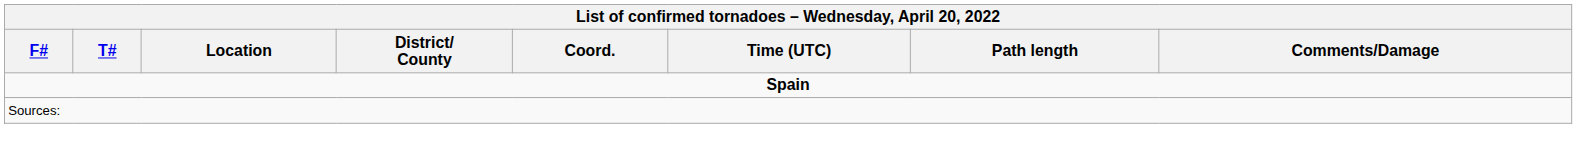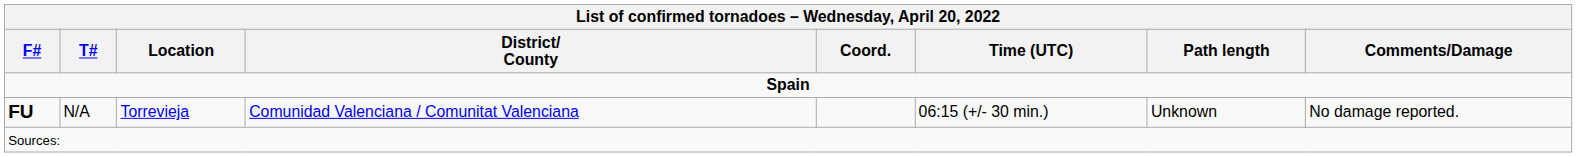 <table class="wikitable collapsible" width="100%">
 <tr>
 <th colspan="8">List of confirmed tornadoes – Wednesday, April 20, 2022</th>
 </tr>
 <tr>
 <th><a href='#'>F#</a></th>
 <th><a href='#'>T#</a></th>
 <th>Location</th>
 <th>District/<br>County</th>
 <th>Coord.</th>
 <th>Time (UTC)</th>
 <th>Path length</th>
 <th>Comments/Damage</th>
 </tr>
 <tr>
 <td colspan="8" align=center><strong>Spain</strong></td>
 </tr>
 <tr>
+<td><big><strong>FU</strong></big></td>
+<td>N/A</td>
+<td><a href='#'>Torrevieja</a></td>
+<td><a href='#'>Comunidad Valenciana / Comunitat Valenciana</a></td>
+<td></td>
+<td>06:15 (+/- 30 min.)</td>
+<td>Unknown</td>
+<td>No damage reported.</td>
+</tr>
+<tr>
 <td colspan="8"><small>Sources:  </small></td>
 </tr>
 </table>
